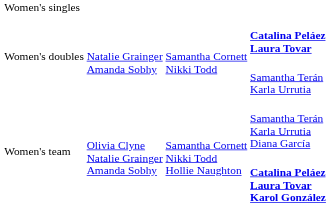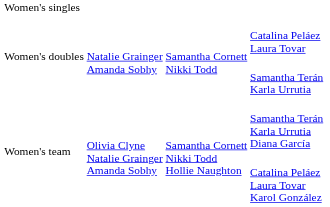 <table>
 <tr>
 <td rowspan=2>Women's singles<br></td>
 <td rowspan=2></td>
 <td rowspan=2></td>
 <td></td>
 </tr>
 <tr>
 <td></td>
 </tr>
 <tr>
 <td rowspan=2>Women's doubles<br></td>
 <td rowspan=2><br><a href='#'>Natalie Grainger</a><br><a href='#'>Amanda Sobhy</a></td>
 <td rowspan=2><br><a href='#'>Samantha Cornett</a><br><a href='#'>Nikki Todd</a></td>
-<td><strong><br><a href='#'>Catalina Peláez</a><br><a href='#'>Laura Tovar</a></strong></td>
+<td><br><a href='#'>Catalina Peláez</a><br><a href='#'>Laura Tovar</a></td>
 </tr>
 <tr>
 <td><br><a href='#'>Samantha Terán</a><br><a href='#'>Karla Urrutia</a></td>
 </tr>
 <tr>
 <td rowspan=2>Women's team<br></td>
 <td rowspan=2><br><a href='#'>Olivia Clyne</a><br><a href='#'>Natalie Grainger</a><br><a href='#'>Amanda Sobhy</a></td>
 <td rowspan=2><br><a href='#'>Samantha Cornett</a><br><a href='#'>Nikki Todd</a><br><a href='#'>Hollie Naughton</a></td>
 <td><br><a href='#'>Samantha Terán</a><br><a href='#'>Karla Urrutia</a><br><a href='#'>Diana García</a></td>
 </tr>
 <tr>
-<td><strong><br><a href='#'>Catalina Peláez</a><br><a href='#'>Laura Tovar</a><br><a href='#'>Karol González</a></strong></td>
+<td><br><a href='#'>Catalina Peláez</a><br><a href='#'>Laura Tovar</a><br><a href='#'>Karol González</a></td>
 </tr>
 </table>
